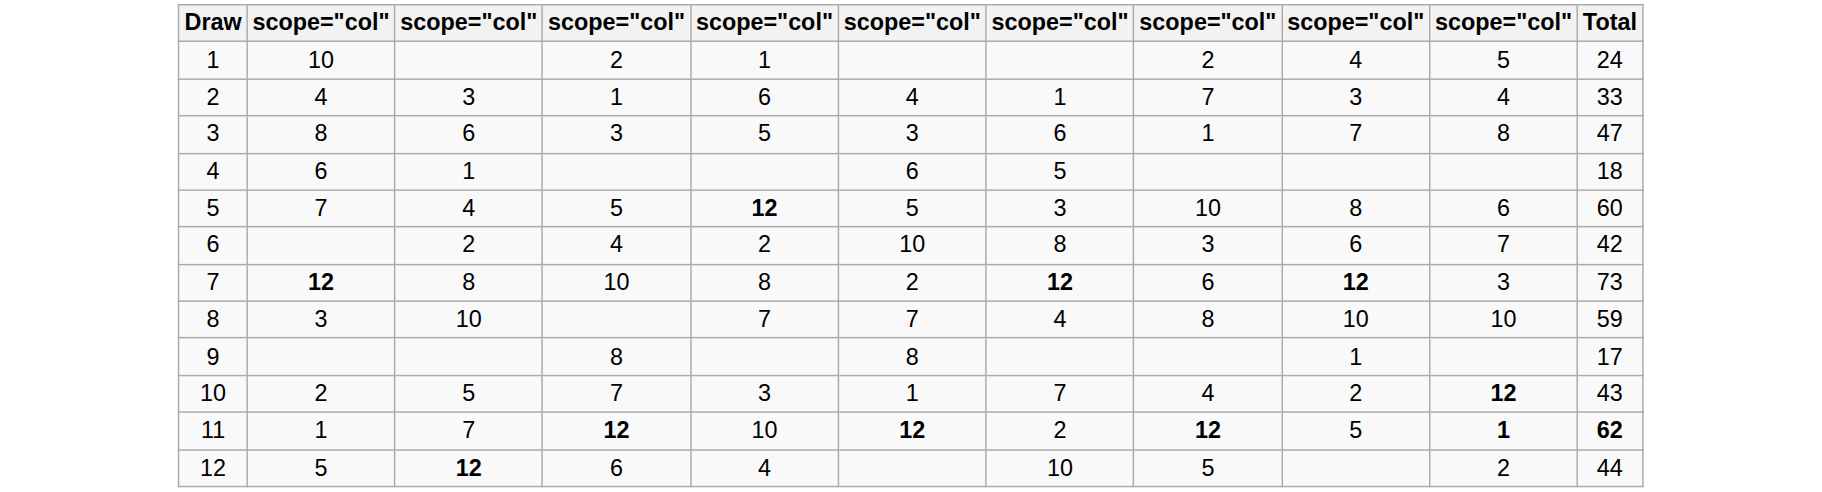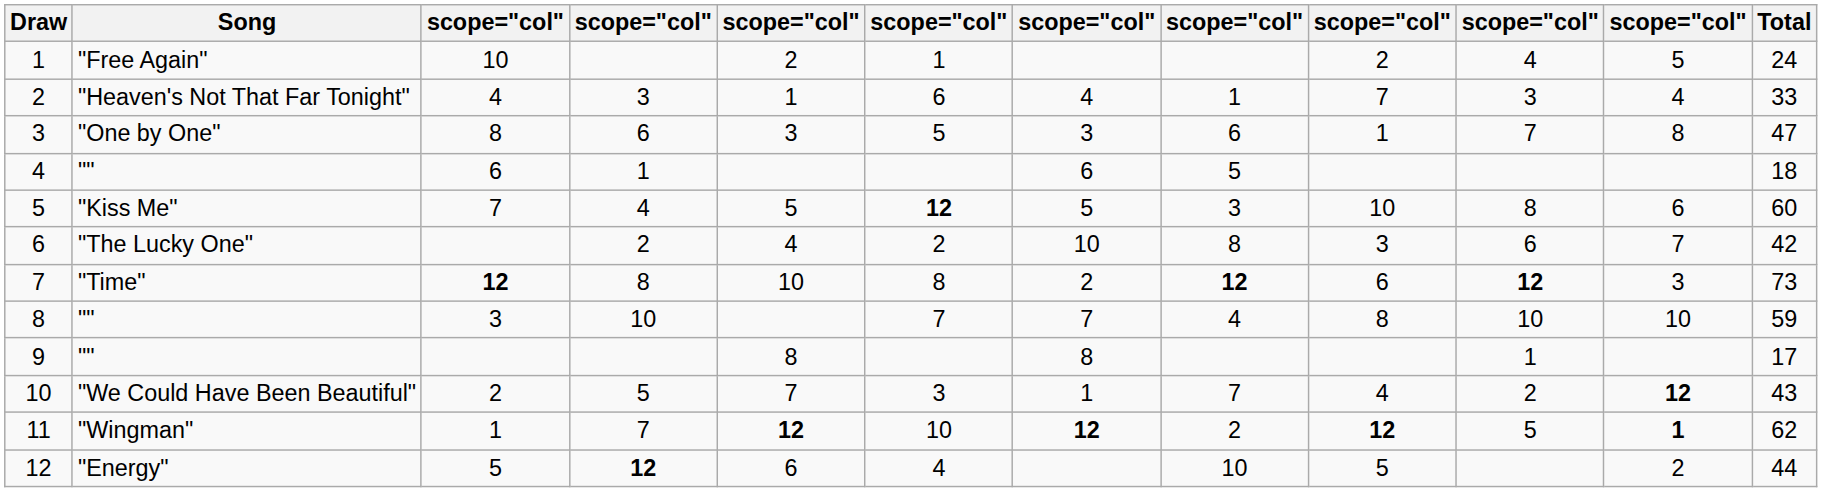 <table class="wikitable collapsible" style="margin: 1em auto 1em auto; text-align:center;">
 <tr>
 <th>Draw</th>
+<th>Song</th>
 <th>scope="col" </th>
 <th>scope="col" </th>
 <th>scope="col" </th>
 <th>scope="col" </th>
 <th>scope="col" </th>
 <th>scope="col" </th>
 <th>scope="col" </th>
 <th>scope="col" </th>
 <th>scope="col" </th>
 <th>Total</th>
 </tr>
 <tr>
 <td>1</td>
+<td align="left">"Free Again"</td>
 <td>10</td>
 <td></td>
 <td>2</td>
 <td>1</td>
 <td></td>
 <td></td>
 <td>2</td>
 <td>4</td>
 <td>5</td>
 <td>24</td>
 </tr>
 <tr>
 <td>2</td>
+<td align="left">"Heaven's Not That Far Tonight"</td>
 <td>4</td>
 <td>3</td>
 <td>1</td>
 <td>6</td>
 <td>4</td>
 <td>1</td>
 <td>7</td>
 <td>3</td>
 <td>4</td>
 <td>33</td>
 </tr>
 <tr>
 <td>3</td>
+<td align="left">"One by One"</td>
 <td>8</td>
 <td>6</td>
 <td>3</td>
 <td>5</td>
 <td>3</td>
 <td>6</td>
 <td>1</td>
 <td>7</td>
 <td>8</td>
 <td>47</td>
 </tr>
 <tr>
 <td>4</td>
+<td align="left">""</td>
 <td>6</td>
 <td>1</td>
 <td></td>
 <td></td>
 <td>6</td>
 <td>5</td>
 <td></td>
 <td></td>
 <td></td>
 <td>18</td>
 </tr>
 <tr>
 <td>5</td>
+<td align="left">"Kiss Me"</td>
 <td>7</td>
 <td>4</td>
 <td>5</td>
 <td><strong>12</strong></td>
 <td>5</td>
 <td>3</td>
 <td>10</td>
 <td>8</td>
 <td>6</td>
 <td>60</td>
 </tr>
 <tr>
 <td>6</td>
+<td align="left">"The Lucky One"</td>
 <td></td>
 <td>2</td>
 <td>4</td>
 <td>2</td>
 <td>10</td>
 <td>8</td>
 <td>3</td>
 <td>6</td>
 <td>7</td>
 <td>42</td>
 </tr>
 <tr>
 <td>7</td>
+<td align="left">"Time"</td>
 <td><strong>12</strong></td>
 <td>8</td>
 <td>10</td>
 <td>8</td>
 <td>2</td>
 <td><strong>12</strong></td>
 <td>6</td>
 <td><strong>12</strong></td>
 <td>3</td>
 <td>73</td>
 </tr>
 <tr>
 <td>8</td>
+<td align="left">""</td>
 <td>3</td>
 <td>10</td>
 <td></td>
 <td>7</td>
 <td>7</td>
 <td>4</td>
 <td>8</td>
 <td>10</td>
 <td>10</td>
 <td>59</td>
 </tr>
 <tr>
 <td>9</td>
+<td align="left">""</td>
 <td></td>
 <td></td>
 <td>8</td>
 <td></td>
 <td>8</td>
 <td></td>
 <td></td>
 <td>1</td>
 <td></td>
 <td>17</td>
 </tr>
 <tr>
 <td>10</td>
+<td align="left">"We Could Have Been Beautiful"</td>
 <td>2</td>
 <td>5</td>
 <td>7</td>
 <td>3</td>
 <td>1</td>
 <td>7</td>
 <td>4</td>
 <td>2</td>
 <td><strong>12</strong></td>
 <td>43</td>
 </tr>
 <tr>
 <td>11</td>
+<td align="left">"Wingman"</td>
 <td>1</td>
 <td>7</td>
 <td><strong>12</strong></td>
 <td>10</td>
 <td><strong>12</strong></td>
 <td>2</td>
 <td><strong>12</strong></td>
 <td>5</td>
 <td><strong>1</strong></td>
-<td><strong>62</strong></td>
+<td>62</td>
 </tr>
 <tr>
 <td>12</td>
+<td align="left">"Energy"</td>
 <td>5</td>
 <td><strong>12</strong></td>
 <td>6</td>
 <td>4</td>
 <td></td>
 <td>10</td>
 <td>5</td>
 <td></td>
 <td>2</td>
 <td>44</td>
 </tr>
 </table>
